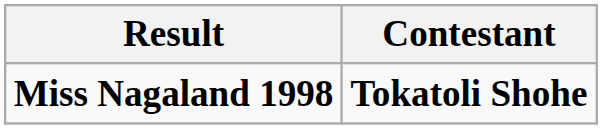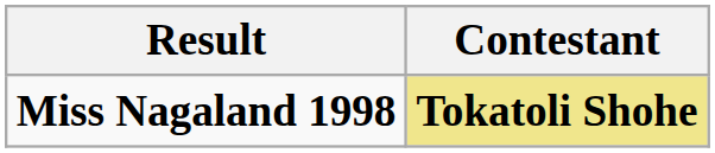 <table class="wikitable">
 <tr>
 <th>Result</th>
 <th>Contestant</th>
 </tr>
 <tr>
 <td><strong>Miss Nagaland 1998</strong></td>
-<td><strong>Tokatoli Shohe</strong></td>
+<td style="background: khaki;"><strong>Tokatoli Shohe</strong></td>
 </tr>
 </table>
